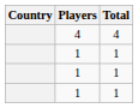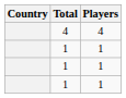 <table class="sortable wikitable plainrowheaders" style="text-align:center">
 <tr>
 <th scope="col">Country</th>
+<th scope="col">Total</th>
 <th scope="col">Players</th>
-<th scope="col">Total</th>
 </tr>
 <tr>
 <th scope="row"></th>
 <td>4</td>
 <td>4</td>
 </tr>
 <tr>
 <th scope="row"></th>
 <td>1</td>
 <td>1</td>
 </tr>
 <tr>
 <th scope="row"></th>
 <td>1</td>
 <td>1</td>
 </tr>
 <tr>
 <th scope="row"></th>
 <td>1</td>
 <td>1</td>
 </tr>
 </table>
